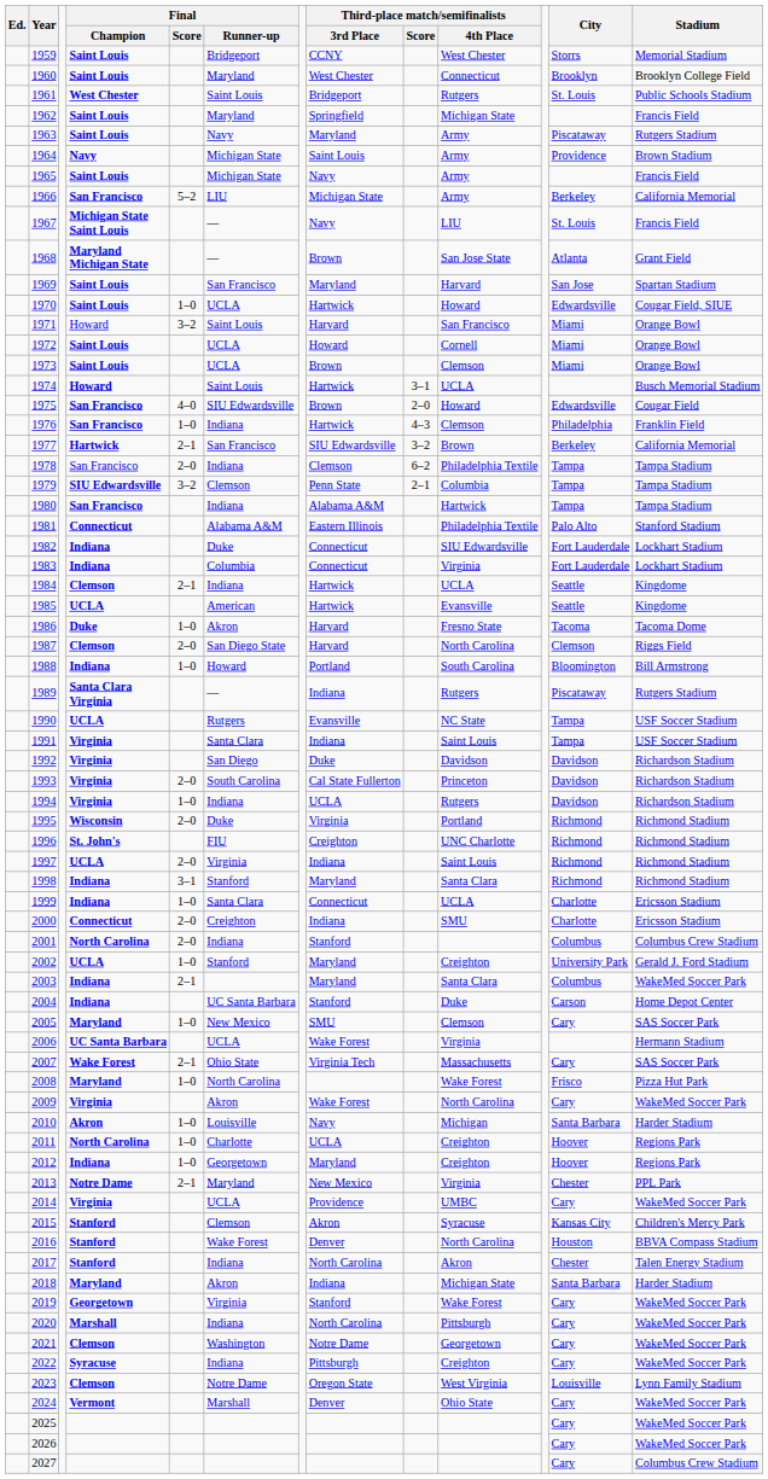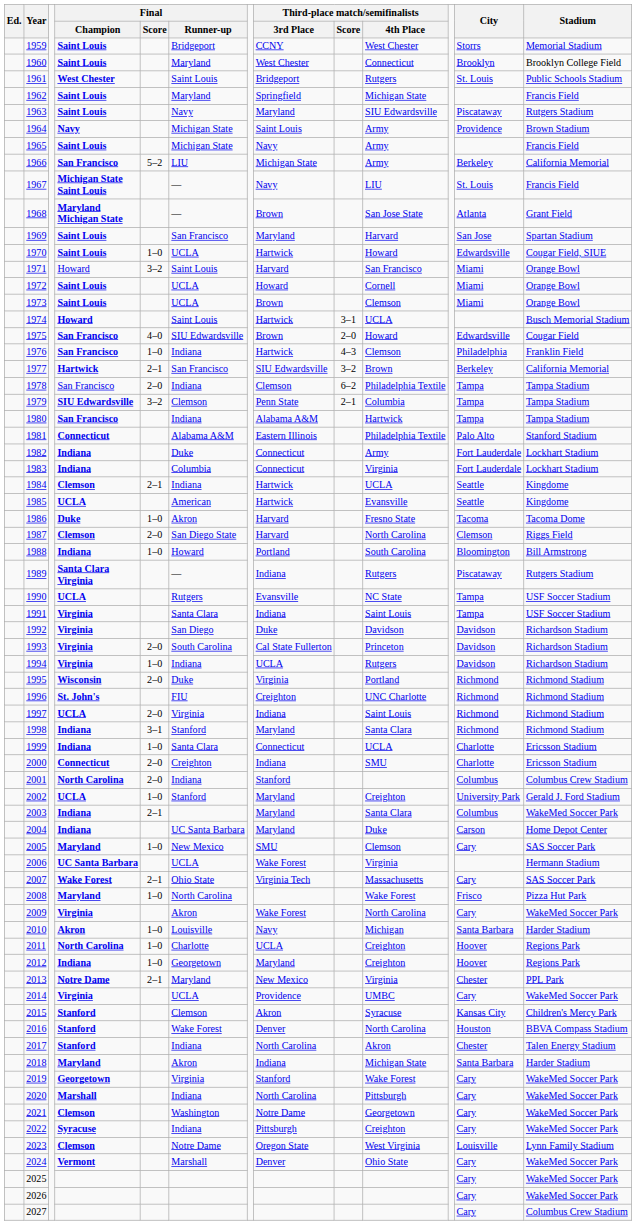 <table class="wikitable "; style="font-size:90%;">
 <tr>
 <th rowspan="2">Ed.</th>
 <th rowspan="2">Year</th>
 <td rowspan=71 style= width:1%></td>
 <th colspan=3>Final</th>
 <td rowspan=71 style= width:1%></td>
 <th colspan=3>Third-place match/semifinalists</th>
 <td rowspan=71 style= width:1%></td>
 <th rowspan="2">City</th>
 <th rowspan="2">Stadium</th>
 </tr>
 <tr>
 <th>Champion</th>
 <th>Score</th>
 <th>Runner-up</th>
 <th>3rd Place</th>
 <th>Score</th>
 <th>4th Place</th>
 </tr>
 <tr>
 <td></td>
 <td><a href='#'>1959</a></td>
 <td><strong><a href='#'>Saint Louis</a></strong> </td>
 <td></td>
 <td><a href='#'>Bridgeport</a></td>
 <td><a href='#'>CCNY</a></td>
 <td></td>
 <td><a href='#'>West Chester</a></td>
 <td><a href='#'>Storrs</a></td>
 <td><a href='#'>Memorial Stadium</a></td>
 </tr>
 <tr>
 <td></td>
 <td><a href='#'>1960</a></td>
 <td><strong><a href='#'>Saint Louis</a></strong> </td>
 <td></td>
 <td><a href='#'>Maryland</a></td>
 <td><a href='#'>West Chester</a></td>
 <td></td>
 <td><a href='#'>Connecticut</a></td>
 <td><a href='#'>Brooklyn</a></td>
 <td>Brooklyn College Field</td>
 </tr>
 <tr>
 <td></td>
 <td><a href='#'>1961</a></td>
 <td><strong><a href='#'>West Chester</a></strong> </td>
 <td></td>
 <td><a href='#'>Saint Louis</a></td>
 <td><a href='#'>Bridgeport</a></td>
 <td></td>
 <td><a href='#'>Rutgers</a></td>
 <td><a href='#'>St. Louis</a></td>
 <td><a href='#'>Public Schools Stadium</a></td>
 </tr>
 <tr>
 <td></td>
 <td><a href='#'>1962</a></td>
 <td><strong><a href='#'>Saint Louis</a></strong> </td>
 <td></td>
 <td><a href='#'>Maryland</a></td>
 <td><a href='#'>Springfield</a></td>
 <td></td>
 <td><a href='#'>Michigan State</a></td>
 <td></td>
 <td><a href='#'>Francis Field</a></td>
 </tr>
 <tr>
 <td></td>
 <td><a href='#'>1963</a></td>
 <td><strong><a href='#'>Saint Louis</a></strong> </td>
 <td></td>
 <td><a href='#'>Navy</a></td>
 <td><a href='#'>Maryland</a></td>
 <td></td>
-<td><a href='#'>Army</a></td>
+<td><a href='#'>SIU Edwardsville</a></td>
 <td><a href='#'>Piscataway</a></td>
 <td><a href='#'>Rutgers Stadium</a></td>
 </tr>
 <tr>
 <td></td>
 <td><a href='#'>1964</a></td>
 <td><strong><a href='#'>Navy</a></strong> </td>
 <td></td>
 <td><a href='#'>Michigan State</a></td>
 <td><a href='#'>Saint Louis</a></td>
 <td></td>
 <td><a href='#'>Army</a></td>
 <td><a href='#'>Providence</a></td>
 <td><a href='#'>Brown Stadium</a></td>
 </tr>
 <tr>
 <td></td>
 <td><a href='#'>1965</a></td>
 <td><strong><a href='#'>Saint Louis</a></strong> </td>
 <td></td>
 <td><a href='#'>Michigan State</a></td>
 <td><a href='#'>Navy</a></td>
 <td></td>
 <td><a href='#'>Army</a></td>
 <td></td>
 <td><a href='#'>Francis Field</a></td>
 </tr>
 <tr>
 <td></td>
 <td><a href='#'>1966</a></td>
 <td><strong><a href='#'>San Francisco</a></strong> </td>
 <td align=center>5–2</td>
 <td><a href='#'>LIU</a> </td>
 <td><a href='#'>Michigan State</a></td>
 <td></td>
 <td><a href='#'>Army</a></td>
 <td><a href='#'>Berkeley</a></td>
 <td><a href='#'>California Memorial</a></td>
 </tr>
 <tr>
 <td></td>
 <td><a href='#'>1967</a></td>
 <td><strong><a href='#'>Michigan State</a></strong> <br><strong><a href='#'>Saint Louis</a></strong> <br></td>
 <td></td>
 <td>—</td>
 <td><a href='#'>Navy</a></td>
 <td></td>
 <td><a href='#'>LIU</a></td>
 <td><a href='#'>St. Louis</a></td>
 <td><a href='#'>Francis Field</a></td>
 </tr>
 <tr>
 <td></td>
 <td><a href='#'>1968</a></td>
 <td><strong><a href='#'>Maryland</a></strong> <br><strong><a href='#'>Michigan State</a></strong> <br></td>
 <td></td>
 <td>—</td>
 <td><a href='#'>Brown</a></td>
 <td></td>
 <td><a href='#'>San Jose State</a></td>
 <td><a href='#'>Atlanta</a></td>
 <td><a href='#'>Grant Field</a></td>
 </tr>
 <tr>
 <td></td>
 <td><a href='#'>1969</a></td>
 <td><strong><a href='#'>Saint Louis</a></strong> </td>
 <td></td>
 <td><a href='#'>San Francisco</a></td>
 <td><a href='#'>Maryland</a></td>
 <td></td>
 <td><a href='#'>Harvard</a></td>
 <td><a href='#'>San Jose</a></td>
 <td><a href='#'>Spartan Stadium</a></td>
 </tr>
 <tr>
 <td></td>
 <td><a href='#'>1970</a></td>
 <td><strong><a href='#'>Saint Louis</a></strong> </td>
 <td align=center>1–0</td>
 <td><a href='#'>UCLA</a></td>
 <td><a href='#'>Hartwick</a></td>
 <td></td>
 <td><a href='#'>Howard</a></td>
 <td><a href='#'>Edwardsville</a></td>
 <td><a href='#'>Cougar Field, SIUE</a></td>
 </tr>
 <tr>
 <td></td>
 <td><a href='#'>1971</a></td>
 <td><a href='#'>Howard</a> </td>
 <td align=center>3–2</td>
 <td><a href='#'>Saint Louis</a></td>
 <td><a href='#'>Harvard</a></td>
 <td></td>
 <td><a href='#'>San Francisco</a></td>
 <td><a href='#'>Miami</a></td>
 <td><a href='#'>Orange Bowl</a></td>
 </tr>
 <tr>
 <td></td>
 <td><a href='#'>1972</a></td>
 <td><strong><a href='#'>Saint Louis</a></strong> </td>
 <td></td>
 <td><a href='#'>UCLA</a></td>
 <td><a href='#'>Howard</a></td>
 <td></td>
 <td><a href='#'>Cornell</a></td>
 <td><a href='#'>Miami</a></td>
 <td><a href='#'>Orange Bowl</a></td>
 </tr>
 <tr>
 <td></td>
 <td><a href='#'>1973</a></td>
 <td><strong><a href='#'>Saint Louis</a></strong> </td>
 <td></td>
 <td><a href='#'>UCLA</a></td>
 <td><a href='#'>Brown</a></td>
 <td></td>
 <td><a href='#'>Clemson</a></td>
 <td><a href='#'>Miami</a></td>
 <td><a href='#'>Orange Bowl</a></td>
 </tr>
 <tr>
 <td></td>
 <td><a href='#'>1974</a></td>
 <td><strong><a href='#'>Howard</a></strong> </td>
 <td></td>
 <td><a href='#'>Saint Louis</a></td>
 <td><a href='#'>Hartwick</a></td>
 <td align=center>3–1</td>
 <td><a href='#'>UCLA</a></td>
 <td></td>
 <td><a href='#'>Busch Memorial Stadium</a></td>
 </tr>
 <tr>
 <td></td>
 <td><a href='#'>1975</a></td>
 <td><strong><a href='#'>San Francisco</a></strong> </td>
 <td align=center>4–0</td>
 <td><a href='#'>SIU Edwardsville</a></td>
 <td><a href='#'>Brown</a></td>
 <td align=center>2–0</td>
 <td><a href='#'>Howard</a></td>
 <td><a href='#'>Edwardsville</a></td>
 <td><a href='#'>Cougar Field</a></td>
 </tr>
 <tr>
 <td></td>
 <td><a href='#'>1976</a></td>
 <td><strong><a href='#'>San Francisco</a></strong> </td>
 <td align=center>1–0</td>
 <td><a href='#'>Indiana</a></td>
 <td><a href='#'>Hartwick</a></td>
 <td align=center>4–3</td>
 <td><a href='#'>Clemson</a></td>
 <td><a href='#'>Philadelphia</a></td>
 <td><a href='#'>Franklin Field</a></td>
 </tr>
 <tr>
 <td></td>
 <td><a href='#'>1977</a></td>
 <td><strong><a href='#'>Hartwick</a></strong> </td>
 <td align=center>2–1</td>
 <td><a href='#'>San Francisco</a></td>
 <td><a href='#'>SIU Edwardsville</a></td>
 <td align=center>3–2</td>
 <td><a href='#'>Brown</a></td>
 <td><a href='#'>Berkeley</a></td>
 <td><a href='#'>California Memorial</a></td>
 </tr>
 <tr>
 <td></td>
 <td><a href='#'>1978</a></td>
 <td><a href='#'>San Francisco</a>  </td>
 <td align=center>2–0</td>
 <td><a href='#'>Indiana</a></td>
 <td><a href='#'>Clemson</a></td>
 <td align=center>6–2</td>
 <td><a href='#'>Philadelphia Textile</a></td>
 <td><a href='#'>Tampa</a></td>
 <td><a href='#'>Tampa Stadium</a></td>
 </tr>
 <tr>
 <td></td>
 <td><a href='#'>1979</a></td>
 <td><strong><a href='#'>SIU Edwardsville</a></strong> </td>
 <td align=center>3–2</td>
 <td><a href='#'>Clemson</a></td>
 <td><a href='#'>Penn State</a></td>
 <td align=center>2–1</td>
 <td><a href='#'>Columbia</a></td>
 <td><a href='#'>Tampa</a></td>
 <td><a href='#'>Tampa Stadium</a></td>
 </tr>
 <tr>
 <td></td>
 <td><a href='#'>1980</a></td>
 <td><strong><a href='#'>San Francisco</a></strong> </td>
 <td></td>
 <td><a href='#'>Indiana</a></td>
 <td><a href='#'>Alabama A&M</a></td>
 <td></td>
 <td><a href='#'>Hartwick</a></td>
 <td><a href='#'>Tampa</a></td>
 <td><a href='#'>Tampa Stadium</a></td>
 </tr>
 <tr>
 <td></td>
 <td><a href='#'>1981</a></td>
 <td><strong><a href='#'>Connecticut</a></strong> </td>
 <td></td>
 <td><a href='#'>Alabama A&M</a></td>
 <td><a href='#'>Eastern Illinois</a></td>
 <td></td>
 <td><a href='#'>Philadelphia Textile</a></td>
 <td><a href='#'>Palo Alto</a></td>
 <td><a href='#'>Stanford Stadium</a></td>
 </tr>
 <tr>
 <td></td>
 <td><a href='#'>1982</a></td>
 <td><strong><a href='#'>Indiana</a></strong> </td>
 <td></td>
 <td><a href='#'>Duke</a></td>
 <td><a href='#'>Connecticut</a></td>
 <td></td>
-<td><a href='#'>SIU Edwardsville</a></td>
+<td><a href='#'>Army</a></td>
 <td><a href='#'>Fort Lauderdale</a></td>
 <td><a href='#'>Lockhart Stadium</a></td>
 </tr>
 <tr>
 <td></td>
 <td><a href='#'>1983</a></td>
 <td><strong><a href='#'>Indiana</a></strong> </td>
 <td></td>
 <td><a href='#'>Columbia</a></td>
 <td><a href='#'>Connecticut</a></td>
 <td></td>
 <td><a href='#'>Virginia</a></td>
 <td><a href='#'>Fort Lauderdale</a></td>
 <td><a href='#'>Lockhart Stadium</a></td>
 </tr>
 <tr>
 <td></td>
 <td><a href='#'>1984</a></td>
 <td><strong><a href='#'>Clemson</a></strong> </td>
 <td align=center>2–1</td>
 <td><a href='#'>Indiana</a></td>
 <td><a href='#'>Hartwick</a></td>
 <td></td>
 <td><a href='#'>UCLA</a></td>
 <td><a href='#'>Seattle</a></td>
 <td><a href='#'>Kingdome</a></td>
 </tr>
 <tr>
 <td></td>
 <td><a href='#'>1985</a></td>
 <td><strong><a href='#'>UCLA</a></strong> </td>
 <td></td>
 <td><a href='#'>American</a></td>
 <td><a href='#'>Hartwick</a></td>
 <td></td>
 <td><a href='#'>Evansville</a></td>
 <td><a href='#'>Seattle</a></td>
 <td><a href='#'>Kingdome</a></td>
 </tr>
 <tr>
 <td></td>
 <td><a href='#'>1986</a></td>
 <td><strong><a href='#'>Duke</a></strong> </td>
 <td align=center>1–0</td>
 <td><a href='#'>Akron</a></td>
 <td><a href='#'>Harvard</a></td>
 <td></td>
 <td><a href='#'>Fresno State</a></td>
 <td><a href='#'>Tacoma</a></td>
 <td><a href='#'>Tacoma Dome</a></td>
 </tr>
 <tr>
 <td></td>
 <td><a href='#'>1987</a></td>
 <td><strong><a href='#'>Clemson</a></strong> </td>
 <td align=center>2–0</td>
 <td><a href='#'>San Diego State</a></td>
 <td><a href='#'>Harvard</a></td>
 <td></td>
 <td><a href='#'>North Carolina</a></td>
 <td><a href='#'>Clemson</a></td>
 <td><a href='#'>Riggs Field</a></td>
 </tr>
 <tr>
 <td></td>
 <td><a href='#'>1988</a></td>
 <td><strong><a href='#'>Indiana</a></strong> </td>
 <td align=center>1–0</td>
 <td><a href='#'>Howard</a></td>
 <td><a href='#'>Portland</a></td>
 <td></td>
 <td><a href='#'>South Carolina</a></td>
 <td><a href='#'>Bloomington</a></td>
 <td><a href='#'>Bill Armstrong</a></td>
 </tr>
 <tr>
 <td></td>
 <td><a href='#'>1989</a></td>
 <td><strong><a href='#'>Santa Clara</a></strong> <br><strong><a href='#'>Virginia</a></strong> <br></td>
 <td></td>
 <td>—</td>
 <td><a href='#'>Indiana</a></td>
 <td></td>
 <td><a href='#'>Rutgers</a></td>
 <td><a href='#'>Piscataway</a></td>
 <td><a href='#'>Rutgers Stadium</a></td>
 </tr>
 <tr>
 <td></td>
 <td><a href='#'>1990</a></td>
 <td><strong><a href='#'>UCLA</a></strong> </td>
 <td></td>
 <td><a href='#'>Rutgers</a></td>
 <td><a href='#'>Evansville</a></td>
 <td></td>
 <td><a href='#'>NC State</a></td>
 <td><a href='#'>Tampa</a></td>
 <td><a href='#'>USF Soccer Stadium</a></td>
 </tr>
 <tr>
 <td></td>
 <td><a href='#'>1991</a></td>
 <td><strong><a href='#'>Virginia</a></strong> </td>
 <td></td>
 <td><a href='#'>Santa Clara</a></td>
 <td><a href='#'>Indiana</a></td>
 <td></td>
 <td><a href='#'>Saint Louis</a></td>
 <td><a href='#'>Tampa</a></td>
 <td><a href='#'>USF Soccer Stadium</a></td>
 </tr>
 <tr>
 <td></td>
 <td><a href='#'>1992</a></td>
 <td><strong><a href='#'>Virginia</a></strong> </td>
 <td></td>
 <td><a href='#'>San Diego</a></td>
 <td><a href='#'>Duke</a></td>
 <td></td>
 <td><a href='#'>Davidson</a></td>
 <td><a href='#'>Davidson</a></td>
 <td><a href='#'>Richardson Stadium</a></td>
 </tr>
 <tr>
 <td></td>
 <td><a href='#'>1993</a></td>
 <td><strong><a href='#'>Virginia</a></strong> </td>
 <td align=center>2–0</td>
 <td><a href='#'>South Carolina</a></td>
 <td><a href='#'>Cal State Fullerton</a></td>
 <td></td>
 <td><a href='#'>Princeton</a></td>
 <td><a href='#'>Davidson</a></td>
 <td><a href='#'>Richardson Stadium</a></td>
 </tr>
 <tr>
 <td></td>
 <td><a href='#'>1994</a></td>
 <td><strong><a href='#'>Virginia</a></strong> </td>
 <td align=center>1–0</td>
 <td><a href='#'>Indiana</a></td>
 <td><a href='#'>UCLA</a></td>
 <td></td>
 <td><a href='#'>Rutgers</a></td>
 <td><a href='#'>Davidson</a></td>
 <td><a href='#'>Richardson Stadium</a></td>
 </tr>
 <tr>
 <td></td>
 <td><a href='#'>1995</a></td>
 <td><strong><a href='#'>Wisconsin</a></strong> </td>
 <td align=center>2–0</td>
 <td><a href='#'>Duke</a></td>
 <td><a href='#'>Virginia</a></td>
 <td></td>
 <td><a href='#'>Portland</a></td>
 <td><a href='#'>Richmond</a></td>
 <td><a href='#'>Richmond Stadium</a></td>
 </tr>
 <tr>
 <td></td>
 <td><a href='#'>1996</a></td>
 <td><strong><a href='#'>St. John's</a></strong> </td>
 <td></td>
 <td><a href='#'>FIU</a></td>
 <td><a href='#'>Creighton</a></td>
 <td></td>
 <td><a href='#'>UNC Charlotte</a></td>
 <td><a href='#'>Richmond</a></td>
 <td><a href='#'>Richmond Stadium</a></td>
 </tr>
 <tr>
 <td></td>
 <td><a href='#'>1997</a></td>
 <td><strong><a href='#'>UCLA</a></strong> </td>
 <td align=center>2–0</td>
 <td><a href='#'>Virginia</a></td>
 <td><a href='#'>Indiana</a></td>
 <td></td>
 <td><a href='#'>Saint Louis</a></td>
 <td><a href='#'>Richmond</a></td>
 <td><a href='#'>Richmond Stadium</a></td>
 </tr>
 <tr>
 <td></td>
 <td><a href='#'>1998</a></td>
 <td><strong><a href='#'>Indiana</a></strong> </td>
 <td align=center>3–1</td>
 <td><a href='#'>Stanford</a></td>
 <td><a href='#'>Maryland</a></td>
 <td></td>
 <td><a href='#'>Santa Clara</a></td>
 <td><a href='#'>Richmond</a></td>
 <td><a href='#'>Richmond Stadium</a></td>
 </tr>
 <tr>
 <td></td>
 <td><a href='#'>1999</a></td>
 <td><strong><a href='#'>Indiana</a></strong> </td>
 <td align=center>1–0</td>
 <td><a href='#'>Santa Clara</a></td>
 <td><a href='#'>Connecticut</a></td>
 <td></td>
 <td><a href='#'>UCLA</a></td>
 <td><a href='#'>Charlotte</a></td>
 <td><a href='#'>Ericsson Stadium</a></td>
 </tr>
 <tr>
 <td></td>
 <td><a href='#'>2000</a></td>
 <td><strong><a href='#'>Connecticut</a></strong> </td>
 <td align=center>2–0</td>
 <td><a href='#'>Creighton</a></td>
 <td><a href='#'>Indiana</a></td>
 <td></td>
 <td><a href='#'>SMU</a></td>
 <td><a href='#'>Charlotte</a></td>
 <td><a href='#'>Ericsson Stadium</a></td>
 </tr>
 <tr>
 <td></td>
 <td><a href='#'>2001</a></td>
 <td><strong><a href='#'>North Carolina</a></strong> </td>
 <td align=center>2–0</td>
 <td><a href='#'>Indiana</a></td>
 <td><a href='#'>Stanford</a></td>
 <td></td>
 <td></td>
 <td><a href='#'>Columbus</a></td>
 <td><a href='#'>Columbus Crew Stadium</a></td>
 </tr>
 <tr>
 <td></td>
 <td><a href='#'>2002</a></td>
 <td><strong><a href='#'>UCLA</a></strong> </td>
 <td align=center>1–0</td>
 <td><a href='#'>Stanford</a></td>
 <td><a href='#'>Maryland</a></td>
 <td></td>
 <td><a href='#'>Creighton</a></td>
 <td><a href='#'>University Park</a></td>
 <td><a href='#'>Gerald J. Ford Stadium</a></td>
 </tr>
 <tr>
 <td></td>
 <td><a href='#'>2003</a></td>
 <td><strong><a href='#'>Indiana</a></strong> </td>
 <td align=center>2–1</td>
 <td></td>
 <td><a href='#'>Maryland</a></td>
 <td></td>
 <td><a href='#'>Santa Clara</a></td>
 <td><a href='#'>Columbus</a></td>
 <td><a href='#'>WakeMed Soccer Park</a></td>
 </tr>
 <tr>
 <td></td>
 <td><a href='#'>2004</a></td>
 <td><strong><a href='#'>Indiana</a></strong> </td>
 <td></td>
 <td><a href='#'>UC Santa Barbara</a></td>
-<td><a href='#'>Stanford</a></td>
+<td><a href='#'>Maryland</a></td>
 <td></td>
 <td><a href='#'>Duke</a></td>
 <td><a href='#'>Carson</a></td>
 <td><a href='#'>Home Depot Center</a></td>
 </tr>
 <tr>
 <td></td>
 <td><a href='#'>2005</a></td>
 <td><strong><a href='#'>Maryland</a></strong> </td>
 <td align=center>1–0</td>
 <td><a href='#'>New Mexico</a></td>
 <td><a href='#'>SMU</a></td>
 <td></td>
 <td><a href='#'>Clemson</a></td>
 <td><a href='#'>Cary</a></td>
 <td><a href='#'>SAS Soccer Park</a></td>
 </tr>
 <tr>
 <td></td>
 <td><a href='#'>2006</a></td>
 <td><strong><a href='#'>UC Santa Barbara</a></strong> </td>
 <td></td>
 <td><a href='#'>UCLA</a></td>
 <td><a href='#'>Wake Forest</a></td>
 <td></td>
 <td><a href='#'>Virginia</a></td>
 <td></td>
 <td><a href='#'>Hermann Stadium</a></td>
 </tr>
 <tr>
 <td></td>
 <td><a href='#'>2007</a></td>
 <td><strong><a href='#'>Wake Forest</a></strong> </td>
 <td align=center>2–1</td>
 <td><a href='#'>Ohio State</a></td>
 <td><a href='#'>Virginia Tech</a></td>
 <td></td>
 <td><a href='#'>Massachusetts</a></td>
 <td><a href='#'>Cary</a></td>
 <td><a href='#'>SAS Soccer Park</a></td>
 </tr>
 <tr>
 <td></td>
 <td><a href='#'>2008</a></td>
 <td><strong><a href='#'>Maryland</a></strong> </td>
 <td align=center>1–0</td>
 <td><a href='#'>North Carolina</a></td>
 <td></td>
 <td></td>
 <td><a href='#'>Wake Forest</a></td>
 <td><a href='#'>Frisco</a></td>
 <td><a href='#'>Pizza Hut Park</a></td>
 </tr>
 <tr>
 <td></td>
 <td><a href='#'>2009</a></td>
 <td><strong><a href='#'>Virginia</a></strong> </td>
 <td></td>
 <td><a href='#'>Akron</a></td>
 <td><a href='#'>Wake Forest</a></td>
 <td></td>
 <td><a href='#'>North Carolina</a></td>
 <td><a href='#'>Cary</a></td>
 <td><a href='#'>WakeMed Soccer Park</a></td>
 </tr>
 <tr>
 <td></td>
 <td><a href='#'>2010</a></td>
 <td><strong><a href='#'>Akron</a></strong> </td>
 <td align=center>1–0</td>
 <td><a href='#'>Louisville</a></td>
 <td><a href='#'>Navy</a></td>
 <td></td>
 <td><a href='#'>Michigan</a></td>
 <td><a href='#'>Santa Barbara</a></td>
 <td><a href='#'>Harder Stadium</a></td>
 </tr>
 <tr>
 <td></td>
 <td><a href='#'>2011</a></td>
 <td><strong><a href='#'>North Carolina</a></strong> </td>
 <td align=center>1–0</td>
 <td><a href='#'>Charlotte</a></td>
 <td><a href='#'>UCLA</a></td>
 <td></td>
 <td><a href='#'>Creighton</a></td>
 <td><a href='#'>Hoover</a></td>
 <td><a href='#'>Regions Park</a></td>
 </tr>
 <tr>
 <td></td>
 <td><a href='#'>2012</a></td>
 <td><strong><a href='#'>Indiana</a></strong> </td>
 <td align=center>1–0</td>
 <td><a href='#'>Georgetown</a></td>
 <td><a href='#'>Maryland</a></td>
 <td></td>
 <td><a href='#'>Creighton</a></td>
 <td><a href='#'>Hoover</a></td>
 <td><a href='#'>Regions Park</a></td>
 </tr>
 <tr>
 <td></td>
 <td><a href='#'>2013</a></td>
 <td><strong><a href='#'>Notre Dame</a></strong> </td>
 <td align=center>2–1</td>
 <td><a href='#'>Maryland</a></td>
 <td><a href='#'>New Mexico</a></td>
 <td></td>
 <td><a href='#'>Virginia</a></td>
 <td><a href='#'>Chester</a></td>
 <td><a href='#'>PPL Park</a></td>
 </tr>
 <tr>
 <td></td>
 <td><a href='#'>2014</a></td>
 <td><strong><a href='#'>Virginia</a></strong> </td>
 <td></td>
 <td><a href='#'>UCLA</a></td>
 <td><a href='#'>Providence</a></td>
 <td></td>
 <td><a href='#'>UMBC</a></td>
 <td><a href='#'>Cary</a></td>
 <td><a href='#'>WakeMed Soccer Park</a></td>
 </tr>
 <tr>
 <td></td>
 <td><a href='#'>2015</a></td>
 <td><strong><a href='#'>Stanford</a></strong> </td>
 <td></td>
 <td><a href='#'>Clemson</a></td>
 <td><a href='#'>Akron</a></td>
 <td></td>
 <td><a href='#'>Syracuse</a></td>
 <td><a href='#'>Kansas City</a></td>
 <td><a href='#'>Children's Mercy Park</a></td>
 </tr>
 <tr>
 <td></td>
 <td><a href='#'>2016</a></td>
 <td><strong><a href='#'>Stanford</a></strong> </td>
 <td></td>
 <td><a href='#'>Wake Forest</a></td>
 <td><a href='#'>Denver</a></td>
 <td></td>
 <td><a href='#'>North Carolina</a></td>
 <td><a href='#'>Houston</a></td>
 <td><a href='#'>BBVA Compass Stadium</a></td>
 </tr>
 <tr>
 <td></td>
 <td><a href='#'>2017</a></td>
 <td><strong><a href='#'>Stanford</a></strong> </td>
 <td></td>
 <td><a href='#'>Indiana</a></td>
 <td><a href='#'>North Carolina</a></td>
 <td></td>
 <td><a href='#'>Akron</a></td>
 <td><a href='#'>Chester</a></td>
 <td><a href='#'>Talen Energy Stadium</a></td>
 </tr>
 <tr>
 <td></td>
 <td><a href='#'>2018</a></td>
 <td><strong><a href='#'>Maryland</a></strong> </td>
 <td></td>
 <td><a href='#'>Akron</a></td>
 <td><a href='#'>Indiana</a></td>
 <td></td>
 <td><a href='#'>Michigan State</a></td>
 <td><a href='#'>Santa Barbara</a></td>
 <td><a href='#'>Harder Stadium</a></td>
 </tr>
 <tr>
 <td></td>
 <td><a href='#'>2019</a></td>
 <td><strong><a href='#'>Georgetown</a></strong> </td>
 <td></td>
 <td><a href='#'>Virginia</a></td>
 <td><a href='#'>Stanford</a></td>
 <td></td>
 <td><a href='#'>Wake Forest</a></td>
 <td><a href='#'>Cary</a></td>
 <td><a href='#'>WakeMed Soccer Park</a></td>
 </tr>
 <tr>
 <td></td>
 <td><a href='#'>2020</a></td>
 <td><strong><a href='#'>Marshall</a></strong> </td>
 <td></td>
 <td><a href='#'>Indiana</a></td>
 <td><a href='#'>North Carolina</a></td>
 <td></td>
 <td><a href='#'>Pittsburgh</a></td>
 <td><a href='#'>Cary</a></td>
 <td><a href='#'>WakeMed Soccer Park</a></td>
 </tr>
 <tr>
 <td></td>
 <td><a href='#'>2021</a></td>
 <td><strong><a href='#'>Clemson</a></strong> </td>
 <td></td>
 <td><a href='#'>Washington</a></td>
 <td><a href='#'>Notre Dame</a></td>
 <td></td>
 <td><a href='#'>Georgetown</a></td>
 <td><a href='#'>Cary</a></td>
 <td><a href='#'>WakeMed Soccer Park</a></td>
 </tr>
 <tr>
 <td></td>
 <td><a href='#'>2022</a></td>
 <td><a href='#'><strong>Syracuse</strong></a> </td>
 <td></td>
 <td><a href='#'>Indiana</a></td>
 <td><a href='#'>Pittsburgh</a></td>
 <td></td>
 <td><a href='#'>Creighton</a></td>
 <td><a href='#'>Cary</a></td>
 <td><a href='#'>WakeMed Soccer Park</a></td>
 </tr>
 <tr>
 <td></td>
 <td><a href='#'>2023</a></td>
 <td><a href='#'><strong>Clemson</strong></a> </td>
 <td></td>
 <td><a href='#'>Notre Dame</a></td>
 <td><a href='#'>Oregon State</a></td>
 <td></td>
 <td><a href='#'>West Virginia</a></td>
 <td><a href='#'>Louisville</a></td>
 <td><a href='#'>Lynn Family Stadium</a></td>
 </tr>
 <tr>
 <td></td>
 <td><a href='#'>2024</a></td>
 <td><a href='#'><strong>Vermont</strong></a> </td>
 <td></td>
 <td><a href='#'>Marshall</a></td>
 <td><a href='#'>Denver</a></td>
 <td></td>
 <td><a href='#'>Ohio State</a></td>
 <td><a href='#'>Cary</a></td>
 <td><a href='#'>WakeMed Soccer Park</a></td>
 </tr>
 <tr>
 <td></td>
 <td>2025</td>
 <td></td>
 <td></td>
 <td></td>
 <td></td>
 <td></td>
 <td></td>
 <td><a href='#'>Cary</a></td>
 <td><a href='#'>WakeMed Soccer Park</a></td>
 </tr>
 <tr>
 <td></td>
 <td>2026</td>
 <td></td>
 <td></td>
 <td></td>
 <td></td>
 <td></td>
 <td></td>
 <td><a href='#'>Cary</a></td>
 <td><a href='#'>WakeMed Soccer Park</a></td>
 </tr>
 <tr>
 <td></td>
 <td>2027</td>
 <td></td>
 <td></td>
 <td></td>
 <td></td>
 <td></td>
 <td></td>
 <td><a href='#'>Cary</a></td>
 <td><a href='#'>Columbus Crew Stadium</a></td>
 </tr>
 </table>
